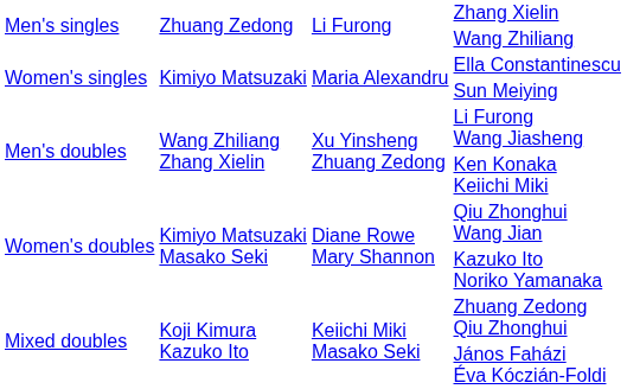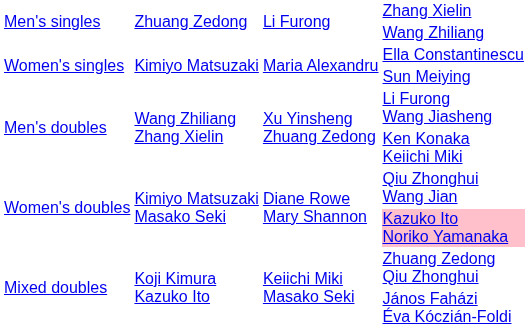 <table>
 <tr>
 <td rowspan=2><a href='#'>Men's singles</a></td>
 <td rowspan=2> <a href='#'>Zhuang Zedong</a></td>
 <td rowspan=2> <a href='#'>Li Furong</a></td>
 <td> <a href='#'>Zhang Xielin</a></td>
 </tr>
 <tr>
 <td> <a href='#'>Wang Zhiliang</a></td>
 </tr>
 <tr>
 <td rowspan=2><a href='#'>Women's singles</a></td>
 <td rowspan=2> <a href='#'>Kimiyo Matsuzaki</a></td>
 <td rowspan=2> <a href='#'>Maria Alexandru</a></td>
 <td> <a href='#'>Ella Constantinescu</a></td>
 </tr>
 <tr>
 <td> <a href='#'>Sun Meiying</a></td>
 </tr>
 <tr>
 <td rowspan=2><a href='#'>Men's doubles</a></td>
 <td rowspan=2> <a href='#'>Wang Zhiliang</a><br> <a href='#'>Zhang Xielin</a></td>
 <td rowspan=2> <a href='#'>Xu Yinsheng</a><br> <a href='#'>Zhuang Zedong</a></td>
 <td> <a href='#'>Li Furong</a><br> <a href='#'>Wang Jiasheng</a></td>
 </tr>
 <tr>
 <td> <a href='#'>Ken Konaka</a><br> <a href='#'>Keiichi Miki</a></td>
 </tr>
 <tr>
 <td rowspan=2><a href='#'>Women's doubles</a></td>
 <td rowspan=2> <a href='#'>Kimiyo Matsuzaki</a><br> <a href='#'>Masako Seki</a></td>
 <td rowspan=2> <a href='#'>Diane Rowe</a><br> <a href='#'>Mary Shannon</a></td>
 <td> <a href='#'>Qiu Zhonghui</a><br> <a href='#'>Wang Jian</a></td>
 </tr>
 <tr>
-<td> <a href='#'>Kazuko Ito</a><br> <a href='#'>Noriko Yamanaka</a></td>
+<td style="background: pink;"> <a href='#'>Kazuko Ito</a><br> <a href='#'>Noriko Yamanaka</a></td>
 </tr>
 <tr>
 <td rowspan=2><a href='#'>Mixed doubles</a></td>
 <td rowspan=2> <a href='#'>Koji Kimura</a><br> <a href='#'>Kazuko Ito</a></td>
 <td rowspan=2> <a href='#'>Keiichi Miki</a><br> <a href='#'>Masako Seki</a></td>
 <td> <a href='#'>Zhuang Zedong</a><br> <a href='#'>Qiu Zhonghui</a></td>
 </tr>
 <tr>
 <td> <a href='#'>János Faházi</a><br> <a href='#'>Éva Kóczián-Foldi</a></td>
 </tr>
 </table>
